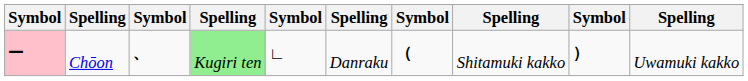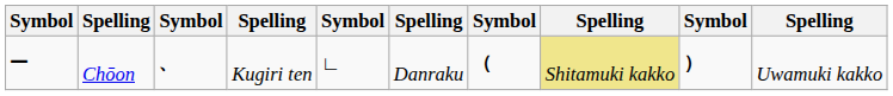 <table class="wikitable" border="1">
 <tr>
 <th>Symbol</th>
 <th>Spelling</th>
 <th>Symbol</th>
 <th>Spelling</th>
 <th>Symbol</th>
 <th>Spelling</th>
 <th>Symbol</th>
 <th>Spelling</th>
 <th>Symbol</th>
 <th>Spelling</th>
 </tr>
 <tr>
-<td style="background: pink;"><strong>ー</strong></td>
+<td><strong>ー</strong></td>
 <td><br><em><a href='#'>Chōon</a></em></td>
 <td><strong>、</strong></td>
-<td style="background: lightgreen;"><br><em>Kugiri ten</em></td>
+<td><br><em>Kugiri ten</em></td>
 <td><strong>∟</strong></td>
 <td><br><em>Danraku</em></td>
 <td><strong>（</strong></td>
-<td><br><em>Shitamuki kakko</em></td>
+<td style="background: khaki;"><br><em>Shitamuki kakko</em></td>
 <td><strong>）</strong></td>
 <td><br><em>Uwamuki kakko</em></td>
 </tr>
 </table>
